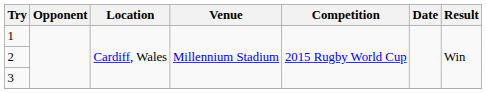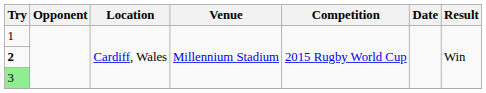 <table class="wikitable sortable" style="font-size:95%">
 <tr>
 <th>Try</th>
 <th>Opponent</th>
 <th>Location</th>
 <th>Venue</th>
 <th>Competition</th>
 <th>Date</th>
 <th>Result</th>
 </tr>
 <tr>
 <td>1</td>
 <td rowspan=3></td>
 <td rowspan=3><a href='#'>Cardiff</a>, Wales</td>
 <td rowspan=3><a href='#'>Millennium Stadium</a></td>
 <td rowspan=3><a href='#'>2015 Rugby World Cup</a></td>
 <td rowspan=3></td>
 <td rowspan=3>Win</td>
 </tr>
 <tr>
-<td>2</td>
+<td><strong>2</strong></td>
 </tr>
 <tr>
-<td>3</td>
+<td style="background: lightgreen;">3</td>
 </tr>
 <tr>
 </tr>
 </table>
